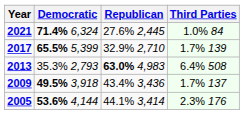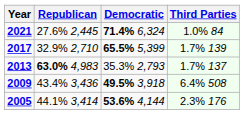 <table class="wikitable" style="float:right; font-size:95%;">
 <tr bgcolor=lightgrey>
 <th>Year</th>
+<th><a href='#'>Republican</a></th>
 <th><a href='#'>Democratic</a></th>
-<th><a href='#'>Republican</a></th>
 <th><a href='#'>Third Parties</a></th>
 </tr>
 <tr>
 <td style="text-align:center; "><strong><a href='#'>2021</a></strong></td>
+<td style="text-align:center; ">27.6% <em>2,445</em></td>
 <td style="text-align:center; "><strong>71.4%</strong> <em>6,324</em></td>
-<td style="text-align:center; ">27.6% <em>2,445</em></td>
 <td style="text-align:center; background:honeyDew;">1.0% <em>84</em></td>
 </tr>
 <tr>
 <td style="text-align:center; "><strong><a href='#'>2017</a></strong></td>
+<td style="text-align:center; ">32.9% <em>2,710</em></td>
 <td style="text-align:center; "><strong>65.5%</strong> <em>5,399</em></td>
-<td style="text-align:center; ">32.9% <em>2,710</em></td>
 <td style="text-align:center; background:honeyDew;">1.7% <em>139</em></td>
 </tr>
 <tr>
 <td style="text-align:center; "><strong><a href='#'>2013</a></strong></td>
+<td style="text-align:center; "><strong>63.0%</strong> <em>4,983</em></td>
 <td style="text-align:center; ">35.3% <em>2,793</em></td>
-<td style="text-align:center; "><strong>63.0%</strong> <em>4,983</em></td>
+<td style="text-align:center; background:honeyDew;">1.7% <em>137</em></td>
+</tr>
+<tr>
+<td style="text-align:center; "><strong><a href='#'>2009</a></strong></td>
+<td style="text-align:center; ">43.4% <em>3,436</em></td>
+<td style="text-align:center; "><strong>49.5%</strong>  <em>3,918</em></td>
 <td style="text-align:center; background:honeyDew;">6.4% <em>508</em></td>
 </tr>
 <tr>
-<td style="text-align:center; "><strong><a href='#'>2009</a></strong></td>
-<td style="text-align:center; "><strong>49.5%</strong>  <em>3,918</em></td>
-<td style="text-align:center; ">43.4% <em>3,436</em></td>
-<td style="text-align:center; background:honeyDew;">1.7% <em>137</em></td>
-</tr>
-<tr>
 <td style="text-align:center; "><strong><a href='#'>2005</a></strong></td>
+<td style="text-align:center; ">44.1% <em>3,414</em></td>
 <td style="text-align:center; "><strong>53.6%</strong> <em>4,144</em></td>
-<td style="text-align:center; ">44.1% <em>3,414</em></td>
 <td style="text-align:center; background:honeyDew;">2.3% <em>176</em></td>
 </tr>
 </table>
